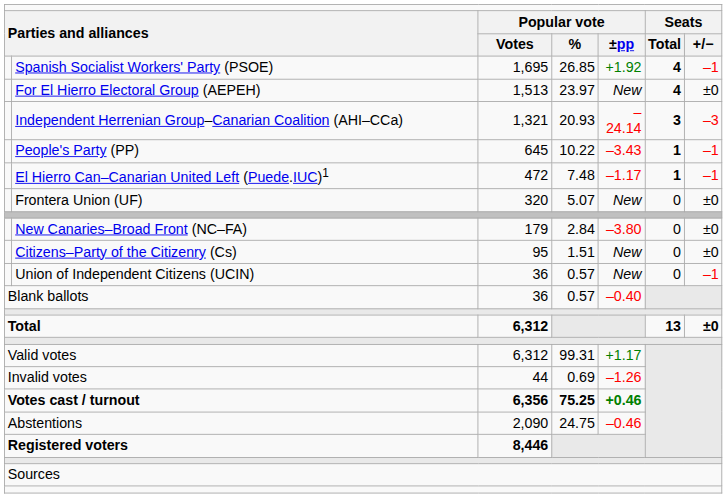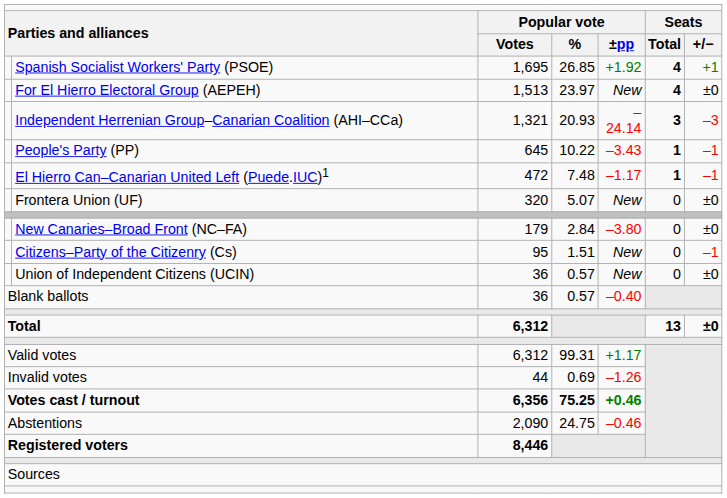 <table class="wikitable" style="text-align:right;">
 <tr>
 <td colspan="7"></td>
 </tr>
 <tr>
 <th style="text-align:left;" rowspan="2" colspan="2" width="525">Parties and alliances</th>
 <th colspan="3">Popular vote</th>
 <th colspan="2">Seats</th>
 </tr>
 <tr>
 <th width="75">Votes</th>
 <th width="45">%</th>
 <th width="45">±<a href='#'>pp</a></th>
 <th width="35">Total</th>
 <th width="35">+/−</th>
 </tr>
 <tr>
 <td width="1" style="color:inherit;background:"></td>
 <td align="left"><a href='#'>Spanish Socialist Workers' Party</a> (PSOE)</td>
 <td>1,695</td>
 <td>26.85</td>
 <td style="color:green;">+1.92</td>
 <td><strong>4</strong></td>
-<td style="color:red;">–1</td>
+<td style="color:green;">+1</td>
 </tr>
 <tr>
 <td style="color:inherit;background:"></td>
 <td align="left"><a href='#'>For El Hierro Electoral Group</a> (AEPEH)</td>
 <td>1,513</td>
 <td>23.97</td>
 <td><em>New</em></td>
 <td><strong>4</strong></td>
 <td>±0</td>
 </tr>
 <tr>
 <td style="color:inherit;background:"></td>
 <td align="left"><a href='#'>Independent Herrenian Group</a>–<a href='#'>Canarian Coalition</a> (AHI–CCa)</td>
 <td>1,321</td>
 <td>20.93</td>
 <td style="color:red;">–24.14</td>
 <td><strong>3</strong></td>
 <td style="color:red;">–3</td>
 </tr>
 <tr>
 <td style="color:inherit;background:"></td>
 <td align="left"><a href='#'>People's Party</a> (PP)</td>
 <td>645</td>
 <td>10.22</td>
 <td style="color:red;">–3.43</td>
 <td><strong>1</strong></td>
 <td style="color:red;">–1</td>
 </tr>
 <tr>
 <td style="color:inherit;background:"></td>
 <td align="left"><a href='#'>El Hierro Can–Canarian United Left</a> (<a href='#'>Puede</a>.<a href='#'>IUC</a>)<sup>1</sup></td>
 <td>472</td>
 <td>7.48</td>
 <td style="color:red;">–1.17</td>
 <td><strong>1</strong></td>
 <td style="color:red;">–1</td>
 </tr>
 <tr>
 <td style="color:inherit;background:"></td>
 <td align="left">Frontera Union (UF)</td>
 <td>320</td>
 <td>5.07</td>
 <td><em>New</em></td>
 <td>0</td>
 <td>±0</td>
 </tr>
 <tr>
 <td colspan="7" bgcolor="#C0C0C0"></td>
 </tr>
 <tr>
 <td style="color:inherit;background:"></td>
 <td align="left"><a href='#'>New Canaries–Broad Front</a> (NC–FA)</td>
 <td>179</td>
 <td>2.84</td>
 <td style="color:red;">–3.80</td>
 <td>0</td>
 <td>±0</td>
 </tr>
 <tr>
 <td style="color:inherit;background:"></td>
 <td align="left"><a href='#'>Citizens–Party of the Citizenry</a> (Cs)</td>
 <td>95</td>
 <td>1.51</td>
 <td><em>New</em></td>
 <td>0</td>
-<td>±0</td>
+<td style="color:red;">–1</td>
 </tr>
 <tr>
 <td style="color:inherit;background:"></td>
 <td align="left">Union of Independent Citizens (UCIN)</td>
 <td>36</td>
 <td>0.57</td>
 <td><em>New</em></td>
 <td>0</td>
-<td style="color:red;">–1</td>
+<td>±0</td>
 </tr>
 <tr>
 <td align="left" colspan="2">Blank ballots</td>
 <td>36</td>
 <td>0.57</td>
 <td style="color:red;">–0.40</td>
 <td bgcolor="#E9E9E9" colspan="2"></td>
 </tr>
 <tr>
 <td colspan="7" bgcolor="#E9E9E9"></td>
 </tr>
 <tr style="font-weight:bold;">
 <td align="left" colspan="2">Total</td>
 <td>6,312</td>
 <td bgcolor="#E9E9E9" colspan="2"></td>
 <td>13</td>
 <td>±0</td>
 </tr>
 <tr>
 <td colspan="7" bgcolor="#E9E9E9"></td>
 </tr>
 <tr>
 <td align="left" colspan="2">Valid votes</td>
 <td>6,312</td>
 <td>99.31</td>
 <td style="color:green;">+1.17</td>
 <td bgcolor="#E9E9E9" colspan="2" rowspan="5"></td>
 </tr>
 <tr>
 <td align="left" colspan="2">Invalid votes</td>
 <td>44</td>
 <td>0.69</td>
 <td style="color:red;">–1.26</td>
 </tr>
 <tr style="font-weight:bold;">
 <td align="left" colspan="2">Votes cast / turnout</td>
 <td>6,356</td>
 <td>75.25</td>
 <td style="color:green;">+0.46</td>
 </tr>
 <tr>
 <td align="left" colspan="2">Abstentions</td>
 <td>2,090</td>
 <td>24.75</td>
 <td style="color:red;">–0.46</td>
 </tr>
 <tr style="font-weight:bold;">
 <td align="left" colspan="2">Registered voters</td>
 <td>8,446</td>
 <td bgcolor="#E9E9E9" colspan="2"></td>
 </tr>
 <tr>
 <td colspan="7" bgcolor="#E9E9E9"></td>
 </tr>
 <tr>
 <td align="left" colspan="7">Sources</td>
 </tr>
 <tr>
 <td colspan="7" style="text-align:left; max-width:790px;"></td>
 </tr>
 </table>
